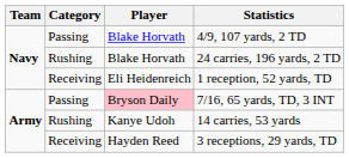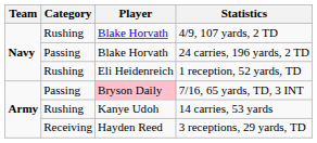 <table class="wikitable" style="float: right;">
 <tr>
 <th>Team</th>
 <th>Category</th>
 <th>Player</th>
 <th>Statistics</th>
 </tr>
 <tr>
 <td rowspan=3><strong>Navy</strong></td>
-<td>Passing</td>
+<td>Rushing</td>
 <td><a href='#'>Blake Horvath</a></td>
 <td>4/9, 107 yards, 2 TD</td>
 </tr>
 <tr>
-<td>Rushing</td>
+<td>Passing</td>
 <td>Blake Horvath</td>
 <td>24 carries, 196 yards, 2 TD</td>
 </tr>
 <tr>
-<td>Receiving</td>
+<td>Rushing</td>
 <td>Eli Heidenreich</td>
 <td>1 reception, 52 yards, TD</td>
 </tr>
 <tr>
 <td rowspan=3><strong>Army</strong></td>
 <td>Passing</td>
 <td style="background: pink;">Bryson Daily</td>
 <td>7/16, 65 yards, TD,  3 INT</td>
 </tr>
 <tr>
 <td>Rushing</td>
 <td>Kanye Udoh</td>
 <td>14 carries, 53 yards</td>
 </tr>
 <tr>
 <td>Receiving</td>
 <td>Hayden Reed</td>
 <td>3 receptions, 29 yards, TD</td>
 </tr>
 </table>
